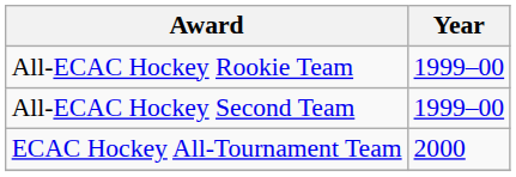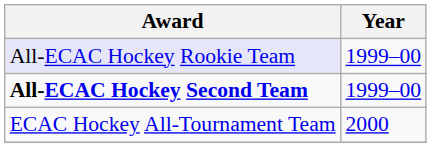 <table class="wikitable">
 <tr>
 <th>Award</th>
 <th>Year</th>
 </tr>
 <tr>
-<td>All-<a href='#'>ECAC Hockey</a> <a href='#'>Rookie Team</a></td>
+<td style="background: lavender;">All-<a href='#'>ECAC Hockey</a> <a href='#'>Rookie Team</a></td>
 <td><a href='#'>1999–00</a></td>
 </tr>
 <tr>
-<td>All-<a href='#'>ECAC Hockey</a> <a href='#'>Second Team</a></td>
+<td><strong>All-<a href='#'>ECAC Hockey</a> <a href='#'>Second Team</a></strong></td>
 <td><a href='#'>1999–00</a></td>
 </tr>
 <tr>
 <td><a href='#'>ECAC Hockey</a> <a href='#'>All-Tournament Team</a></td>
 <td><a href='#'>2000</a></td>
 </tr>
 <tr>
 </tr>
 </table>
